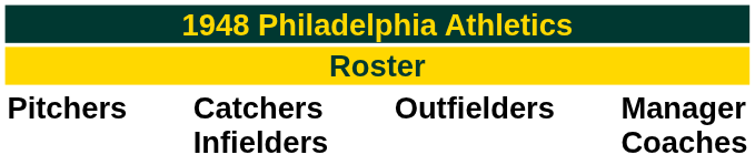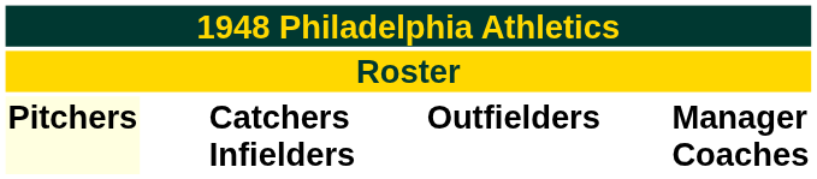 <table class="toccolours" style="font-size: 95%;">
 <tr>
 <th colspan="10" style="background-color: #003831; color: #FFD800; text-align: center;">1948 Philadelphia Athletics</th>
 </tr>
 <tr>
 <td colspan="10" style="background-color: #FFD800; color: #003831; text-align: center;"><strong>Roster</strong></td>
 </tr>
 <tr>
-<td valign="top"><strong>Pitchers</strong><br>           </td>
+<td valign="top" style="background: lightyellow;"><strong>Pitchers</strong><br>           </td>
 <td width="25px"></td>
 <td valign="top"><strong>Catchers</strong><br>    <strong>Infielders</strong>         </td>
 <td width="25px"></td>
 <td valign="top"><strong>Outfielders</strong><br>     </td>
 <td width="25px"></td>
 <td valign="top"><strong>Manager</strong><br> <strong>Coaches</strong>     </td>
 </tr>
 </table>
